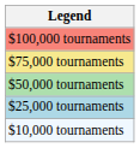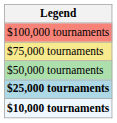 <table class=wikitable style=font-size:85%>
 <tr>
 <th>Legend</th>
 </tr>
 <tr bgcolor="#F88379">
 <td>$100,000 tournaments</td>
 </tr>
 <tr bgcolor="#F7E98E">
 <td>$75,000 tournaments</td>
 </tr>
 <tr bgcolor="#addfad">
 <td>$50,000 tournaments</td>
 </tr>
 <tr bgcolor=lightblue>
-<td>$25,000 tournaments</td>
+<td><strong>$25,000 tournaments</strong></td>
 </tr>
 <tr bgcolor=f0f8ff>
-<td>$10,000 tournaments</td>
+<td><strong>$10,000 tournaments</strong></td>
 </tr>
 </table>
